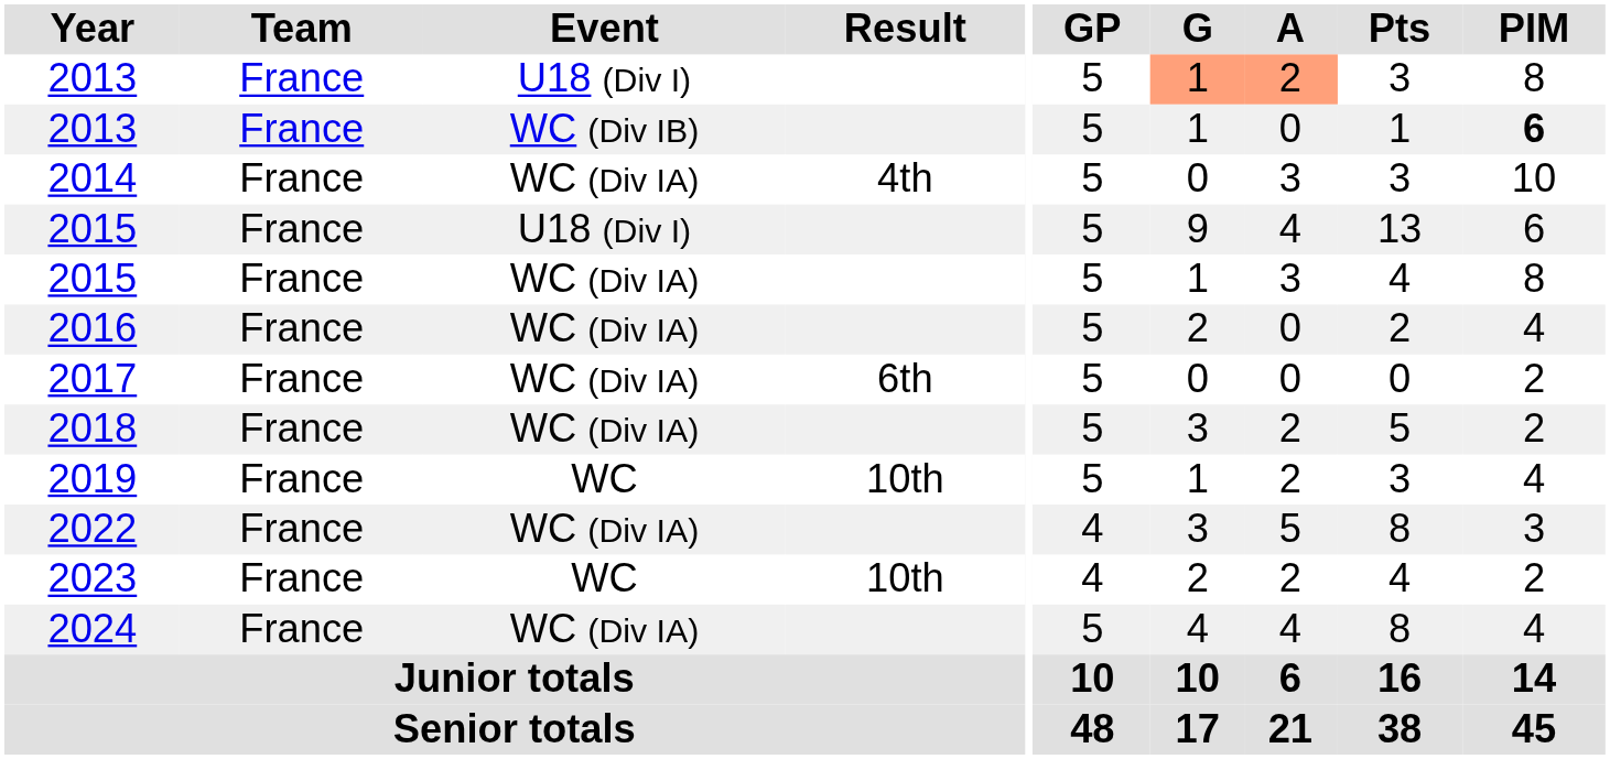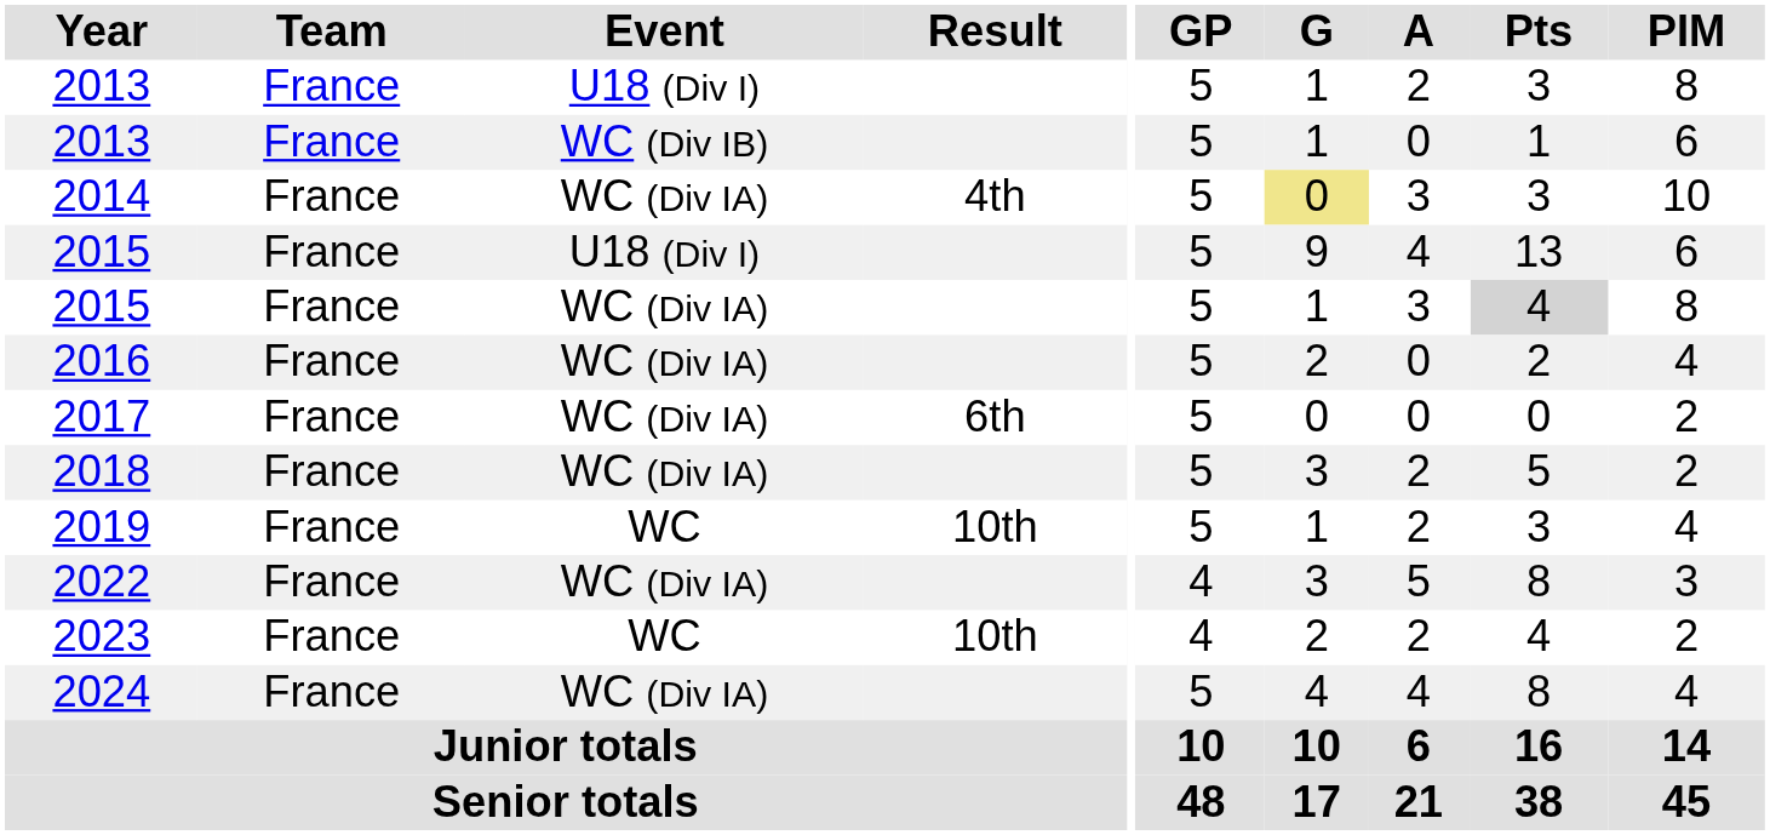 <table border="0" cellpadding="1" cellspacing="0" ID="Table3" style="text-align:center; width:40em;">
 <tr bgcolor="#e0e0e0">
 <th>Year</th>
 <th>Team</th>
 <th>Event</th>
 <th>Result</th>
 <th rowspan="104" bgcolor="#ffffff"></th>
 <th>GP</th>
 <th>G</th>
 <th>A</th>
 <th>Pts</th>
 <th>PIM</th>
 </tr>
 <tr>
 <td><a href='#'>2013</a></td>
 <td><a href='#'>France</a></td>
 <td><a href='#'>U18</a> <small>(Div I)</small></td>
 <td></td>
 <td>5</td>
-<td style="background: lightsalmon;">1</td>
-<td style="background: lightsalmon;">2</td>
+<td>1</td>
+<td>2</td>
 <td>3</td>
 <td>8</td>
 </tr>
 <tr bgcolor="f0f0f0">
 <td><a href='#'>2013</a></td>
 <td><a href='#'>France</a></td>
 <td><a href='#'>WC</a> <small>(Div IB)</small></td>
 <td></td>
 <td>5</td>
 <td>1</td>
 <td>0</td>
 <td>1</td>
-<td><strong>6</strong></td>
+<td>6</td>
 </tr>
 <tr>
 <td><a href='#'>2014</a></td>
 <td>France</td>
 <td>WC <small>(Div IA)</small></td>
 <td>4th</td>
 <td>5</td>
-<td>0</td>
+<td style="background: khaki;">0</td>
 <td>3</td>
 <td>3</td>
 <td>10</td>
 </tr>
 <tr bgcolor="f0f0f0">
 <td><a href='#'>2015</a></td>
 <td>France</td>
 <td>U18 <small>(Div I)</small></td>
 <td></td>
 <td>5</td>
 <td>9</td>
 <td>4</td>
 <td>13</td>
 <td>6</td>
 </tr>
 <tr>
 <td><a href='#'>2015</a></td>
 <td>France</td>
 <td>WC <small>(Div IA)</small></td>
 <td></td>
 <td>5</td>
 <td>1</td>
 <td>3</td>
-<td>4</td>
+<td style="background: lightgrey;">4</td>
 <td>8</td>
 </tr>
 <tr bgcolor="f0f0f0">
 <td><a href='#'>2016</a></td>
 <td>France</td>
 <td>WC <small>(Div IA)</small></td>
 <td></td>
 <td>5</td>
 <td>2</td>
 <td>0</td>
 <td>2</td>
 <td>4</td>
 </tr>
 <tr>
 <td><a href='#'>2017</a></td>
 <td>France</td>
 <td>WC <small>(Div IA)</small></td>
 <td>6th</td>
 <td>5</td>
 <td>0</td>
 <td>0</td>
 <td>0</td>
 <td>2</td>
 </tr>
 <tr bgcolor="f0f0f0">
 <td><a href='#'>2018</a></td>
 <td>France</td>
 <td>WC <small>(Div IA)</small></td>
 <td></td>
 <td>5</td>
 <td>3</td>
 <td>2</td>
 <td>5</td>
 <td>2</td>
 </tr>
 <tr>
 <td><a href='#'>2019</a></td>
 <td>France</td>
 <td>WC</td>
 <td>10th</td>
 <td>5</td>
 <td>1</td>
 <td>2</td>
 <td>3</td>
 <td>4</td>
 </tr>
 <tr bgcolor="f0f0f0">
 <td><a href='#'>2022</a></td>
 <td>France</td>
 <td>WC <small>(Div IA)</small></td>
 <td></td>
 <td>4</td>
 <td>3</td>
 <td>5</td>
 <td>8</td>
 <td>3</td>
 </tr>
 <tr>
 <td><a href='#'>2023</a></td>
 <td>France</td>
 <td>WC</td>
 <td>10th</td>
 <td>4</td>
 <td>2</td>
 <td>2</td>
 <td>4</td>
 <td>2</td>
 </tr>
 <tr bgcolor="f0f0f0">
 <td><a href='#'>2024</a></td>
 <td>France</td>
 <td>WC <small>(Div IA)</small></td>
 <td></td>
 <td>5</td>
 <td>4</td>
 <td>4</td>
 <td>8</td>
 <td>4</td>
 </tr>
 <tr bgcolor="#e0e0e0">
 <th colspan="4">Junior totals</th>
 <th>10</th>
 <th>10</th>
 <th>6</th>
 <th>16</th>
 <th>14</th>
 </tr>
 <tr bgcolor="#e0e0e0">
 <th colspan="4">Senior totals</th>
 <th>48</th>
 <th>17</th>
 <th>21</th>
 <th>38</th>
 <th>45</th>
 </tr>
 </table>
